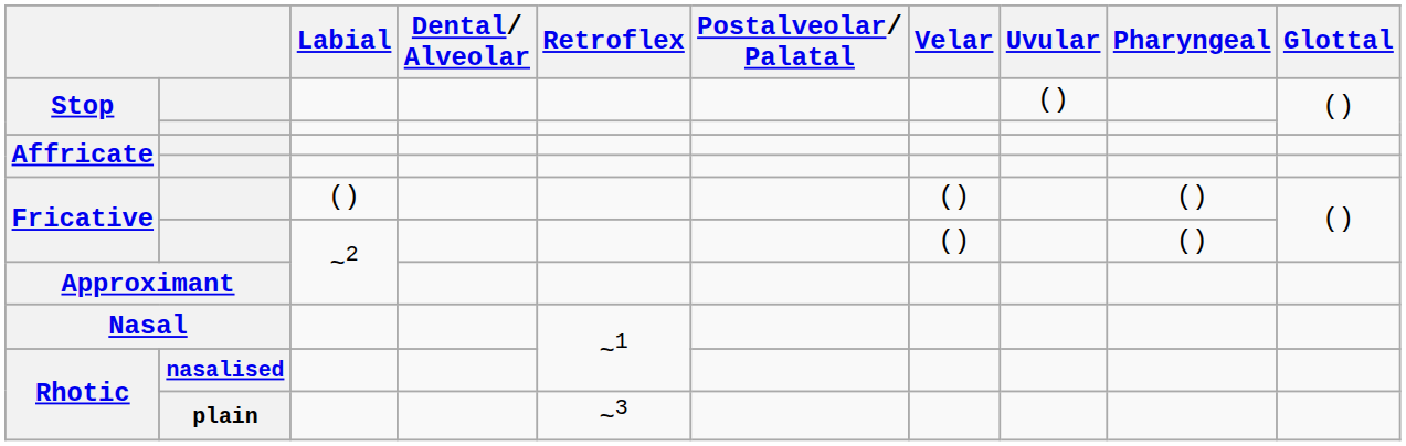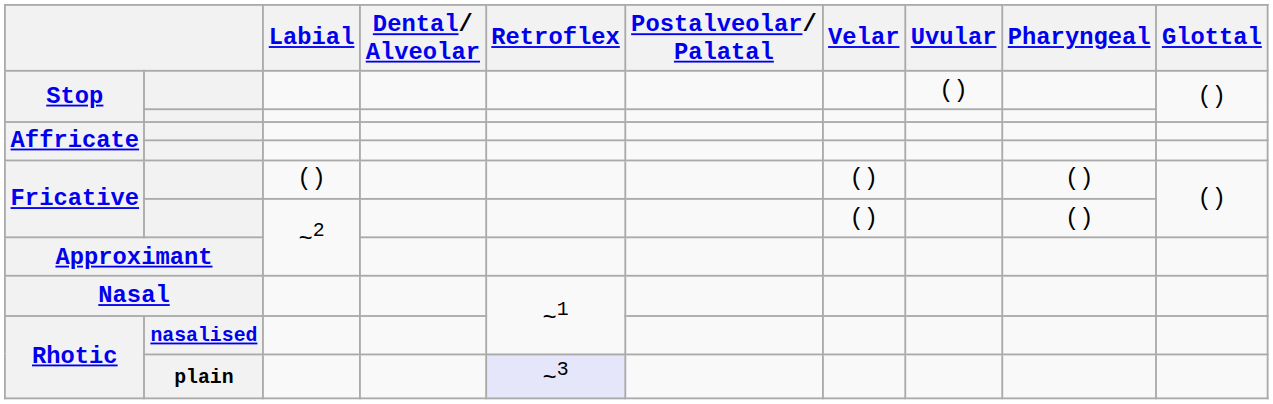 <table class="wikitable" style="text-align: center;">
 <tr>
 <th colspan="2"></th>
 <th><a href='#'>Labial</a></th>
 <th><a href='#'>Dental</a>/<br><a href='#'>Alveolar</a></th>
 <th><a href='#'>Retroflex</a></th>
 <th><a href='#'>Postalveolar</a>/<br><a href='#'>Palatal</a></th>
 <th><a href='#'>Velar</a></th>
 <th><a href='#'>Uvular</a></th>
 <th><a href='#'>Pharyngeal</a></th>
 <th><a href='#'>Glottal</a></th>
 </tr>
 <tr>
 <th rowspan="2"><a href='#'>Stop</a></th>
 <th></th>
 <td></td>
 <td></td>
 <td></td>
 <td></td>
 <td></td>
 <td>()</td>
 <td></td>
 <td rowspan="2">()</td>
 </tr>
 <tr>
 <th></th>
 <td></td>
 <td></td>
 <td></td>
 <td></td>
 <td></td>
 <td></td>
 <td></td>
 </tr>
 <tr>
 <th rowspan="2"><a href='#'>Affricate</a></th>
 <th></th>
 <td></td>
 <td></td>
 <td></td>
 <td></td>
 <td></td>
 <td></td>
 <td></td>
 <td></td>
 </tr>
 <tr>
 <th></th>
 <td></td>
 <td></td>
 <td></td>
 <td></td>
 <td></td>
 <td></td>
 <td></td>
 <td></td>
 </tr>
 <tr>
 <th rowspan="2"><a href='#'>Fricative</a></th>
 <th></th>
 <td>()</td>
 <td></td>
 <td></td>
 <td></td>
 <td>()</td>
 <td></td>
 <td>()</td>
 <td rowspan="2">()</td>
 </tr>
 <tr>
 <th></th>
 <td rowspan="2">~<sup>2</sup></td>
 <td></td>
 <td></td>
 <td></td>
 <td>()</td>
 <td></td>
 <td>()</td>
 </tr>
 <tr>
 <th colspan="2"><a href='#'>Approximant</a></th>
 <td></td>
 <td></td>
 <td></td>
 <td></td>
 <td></td>
 <td></td>
 <td></td>
 </tr>
 <tr>
 <th colspan="2"><a href='#'>Nasal</a></th>
 <td></td>
 <td></td>
 <td rowspan="2">~<sup>1</sup></td>
 <td></td>
 <td></td>
 <td></td>
 <td></td>
 <td></td>
 </tr>
 <tr>
 <th rowspan="2"><a href='#'>Rhotic</a></th>
 <th><a href='#'><small>nasalised</small></a></th>
 <td></td>
 <td></td>
 <td></td>
 <td></td>
 <td></td>
 <td></td>
 <td></td>
 </tr>
 <tr>
 <th><small>plain</small></th>
 <td></td>
 <td></td>
-<td>~<sup>3</sup></td>
+<td style="background: lavender;">~<sup>3</sup></td>
 <td></td>
 <td></td>
 <td></td>
 <td></td>
 <td></td>
 </tr>
 </table>
